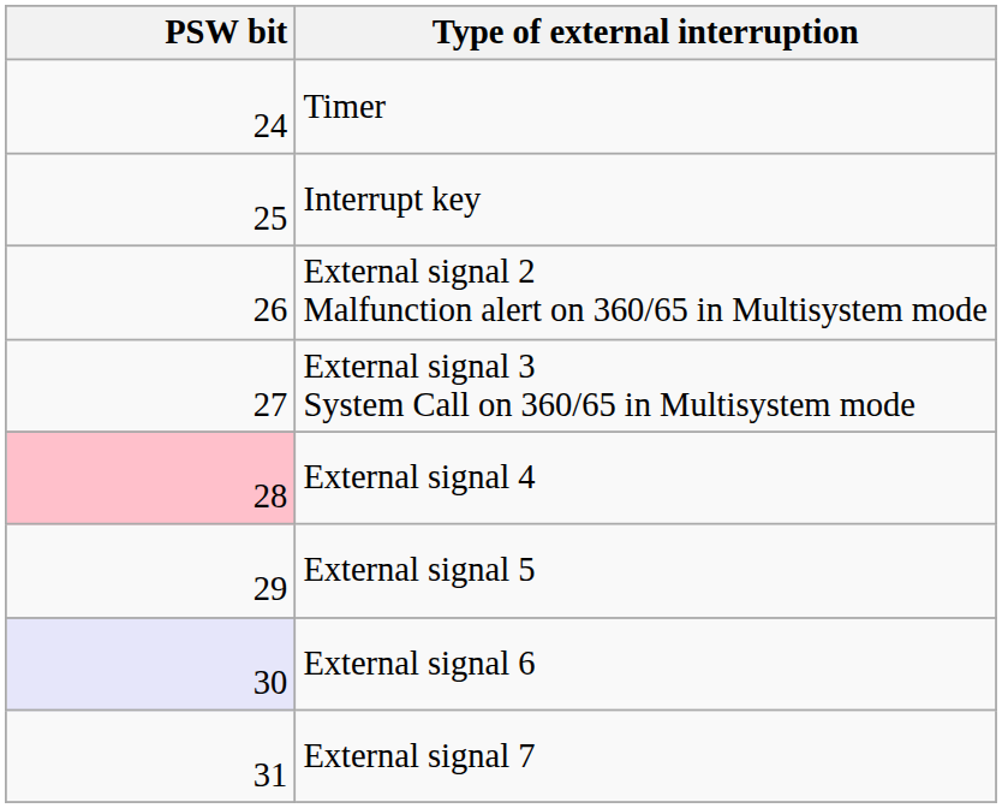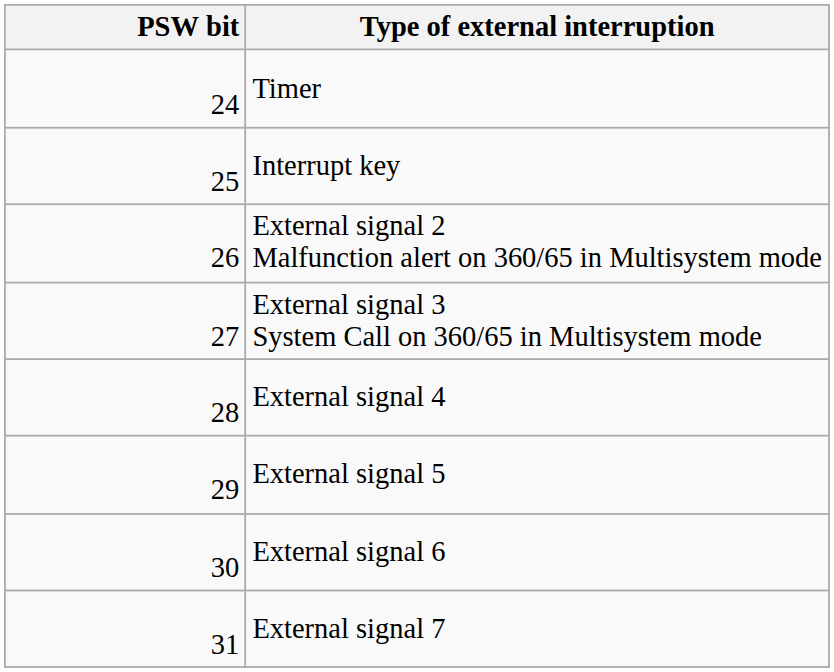 <table class="wikitable collapsible">
 <tr>
 <th valign=top style="text-align:right;width:8em">PSW bit</th>
 <th>Type of external interruption</th>
 </tr>
 <tr>
 <td align=right><br>24</td>
 <td>Timer</td>
 </tr>
 <tr>
 <td align=right><br>25</td>
 <td>Interrupt key</td>
 </tr>
 <tr>
 <td align=right valign=top><br>26</td>
 <td>External signal 2<br>Malfunction alert on 360/65 in Multisystem mode</td>
 </tr>
 <tr>
 <td align=right valign=top><br>27</td>
 <td>External signal 3<br>System Call on 360/65 in Multisystem mode</td>
 </tr>
 <tr>
-<td align=right style="background: pink;"><br>28</td>
+<td align=right><br>28</td>
 <td>External signal 4</td>
 </tr>
 <tr>
 <td align=right><br>29</td>
 <td>External signal 5</td>
 </tr>
 <tr>
-<td align=right style="background: lavender;"><br>30</td>
+<td align=right><br>30</td>
 <td>External signal 6</td>
 </tr>
 <tr>
 <td align=right><br>31</td>
 <td>External signal 7</td>
 </tr>
 </table>
